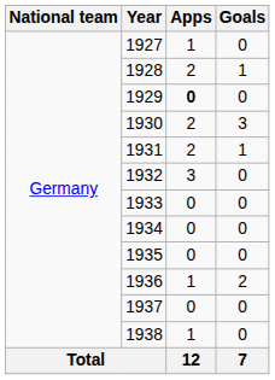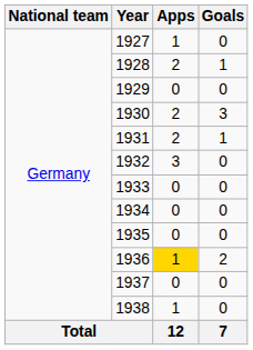 <table class="wikitable" style="text-align:center">
 <tr>
 <th>National team</th>
 <th>Year</th>
 <th>Apps</th>
 <th>Goals</th>
 </tr>
 <tr>
 <td rowspan="12"><a href='#'>Germany</a></td>
 <td>1927</td>
 <td>1</td>
 <td>0</td>
 </tr>
 <tr>
 <td>1928</td>
 <td>2</td>
 <td>1</td>
 </tr>
 <tr>
 <td>1929</td>
-<td><strong>0</strong></td>
+<td>0</td>
 <td>0</td>
 </tr>
 <tr>
 <td>1930</td>
 <td>2</td>
 <td>3</td>
 </tr>
 <tr>
 <td>1931</td>
 <td>2</td>
 <td>1</td>
 </tr>
 <tr>
 <td>1932</td>
 <td>3</td>
 <td>0</td>
 </tr>
 <tr>
 <td>1933</td>
 <td>0</td>
 <td>0</td>
 </tr>
 <tr>
 <td>1934</td>
 <td>0</td>
 <td>0</td>
 </tr>
 <tr>
 <td>1935</td>
 <td>0</td>
 <td>0</td>
 </tr>
 <tr>
 <td>1936</td>
-<td>1</td>
+<td style="background: gold;">1</td>
 <td>2</td>
 </tr>
 <tr>
 <td>1937</td>
 <td>0</td>
 <td>0</td>
 </tr>
 <tr>
 <td>1938</td>
 <td>1</td>
 <td>0</td>
 </tr>
 <tr>
 <th colspan="2">Total</th>
 <th>12</th>
 <th>7</th>
 </tr>
 </table>
